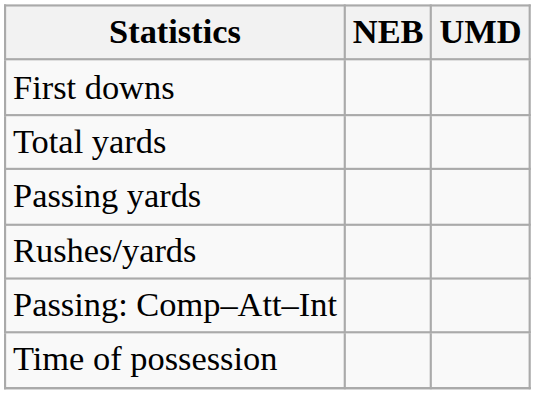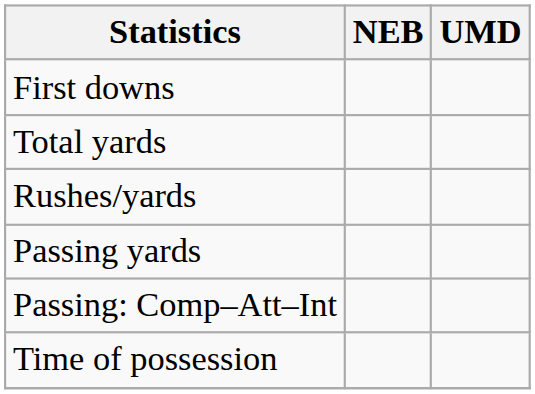 <table class="wikitable" style="float: left;">
 <tr>
 <th>Statistics</th>
 <th>NEB</th>
 <th>UMD</th>
 </tr>
 <tr>
 <td>First downs</td>
 <td></td>
 <td></td>
 </tr>
 <tr>
 <td>Total yards</td>
 <td></td>
 <td></td>
 </tr>
 <tr>
-<td>Passing yards</td>
+<td>Rushes/yards</td>
 <td></td>
 <td></td>
 </tr>
 <tr>
-<td>Rushes/yards</td>
+<td>Passing yards</td>
 <td></td>
 <td></td>
 </tr>
 <tr>
 <td>Passing: Comp–Att–Int</td>
 <td></td>
 <td></td>
 </tr>
 <tr>
 <td>Time of possession</td>
 <td></td>
 <td></td>
 </tr>
 <tr>
 </tr>
 </table>
